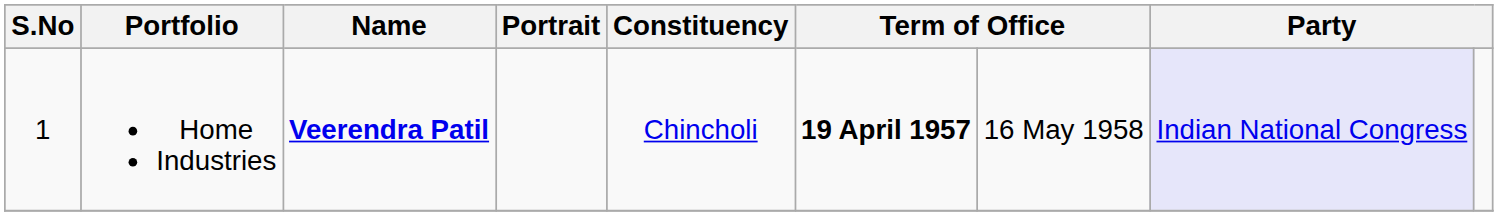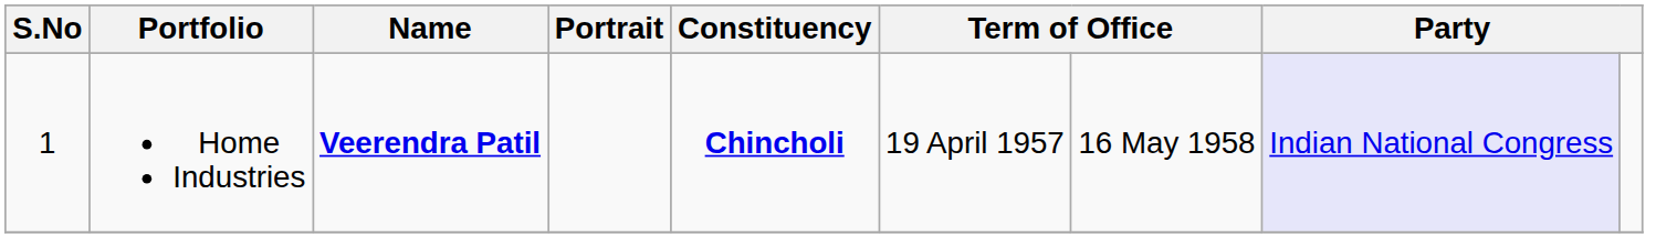 <table class="wikitable sortable" style="text-align:center;">
 <tr>
 <th>S.No</th>
 <th>Portfolio</th>
 <th>Name</th>
 <th>Portrait</th>
 <th>Constituency</th>
 <th colspan="2">Term of Office</th>
 <th colspan="2" scope="col">Party</th>
 </tr>
 <tr>
 <td>1</td>
 <td><br><ul><li>Home</li><li>Industries</li></ul></td>
 <td><strong><a href='#'>Veerendra Patil</a></strong></td>
 <td></td>
-<td><a href='#'>Chincholi</a></td>
-<td><strong>19 April 1957</strong></td>
+<td><strong><a href='#'>Chincholi</a></strong></td>
+<td>19 April 1957</td>
 <td>16 May 1958</td>
 <td style="background: lavender;"><a href='#'>Indian National Congress</a></td>
 <td width="4px" style="background-color: "></td>
 </tr>
 <tr style="text-align:center">
 </tr>
 </table>
